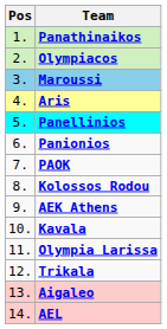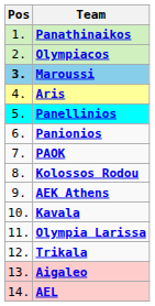 <table class="wikitable" style="text-align: center; font-size:95%">
 <tr>
 <th>Pos</th>
 <th>Team</th>
 </tr>
 <tr bgcolor="D0F0C0">
 <td>1.</td>
 <td align="left"><strong><a href='#'>Panathinaikos</a></strong></td>
 </tr>
 <tr bgcolor="D0F0C0">
 <td>2.</td>
 <td align="left"><strong><a href='#'>Olympiacos</a></strong></td>
 </tr>
 <tr bgcolor="87ceeb">
-<td>3.</td>
+<td><strong>3.</strong></td>
 <td align="left"><strong><a href='#'>Maroussi</a></strong></td>
 </tr>
 <tr bgcolor="FFFF99">
 <td>4.</td>
 <td align="left"><strong><a href='#'>Aris</a></strong></td>
 </tr>
 <tr bgcolor="#00FFFF">
 <td>5.</td>
 <td align="left"><strong><a href='#'>Panellinios</a></strong></td>
 </tr>
 <tr>
 <td>6.</td>
 <td align="left"><strong><a href='#'>Panionios</a></strong></td>
 </tr>
 <tr>
 <td>7.</td>
 <td align="left"><strong><a href='#'>PAOK</a></strong></td>
 </tr>
 <tr>
 <td>8.</td>
 <td align="left"><strong><a href='#'>Kolossos Rodou</a></strong></td>
 </tr>
 <tr>
 <td>9.</td>
 <td align="left"><strong><a href='#'>AEK Athens</a></strong></td>
 </tr>
 <tr>
 <td>10.</td>
 <td align="left"><strong><a href='#'>Kavala</a></strong></td>
 </tr>
 <tr>
 <td>11.</td>
 <td align="left"><strong><a href='#'>Olympia Larissa</a></strong></td>
 </tr>
 <tr>
 <td>12.</td>
 <td align="left"><strong><a href='#'>Trikala</a></strong></td>
 </tr>
 <tr bgcolor="#FFCCCC">
 <td>13.</td>
 <td align="left"><strong><a href='#'>Aigaleo</a></strong></td>
 </tr>
 <tr bgcolor="#FFCCCC">
 <td>14.</td>
 <td align="left"><strong><a href='#'>AEL</a></strong></td>
 </tr>
 </table>
